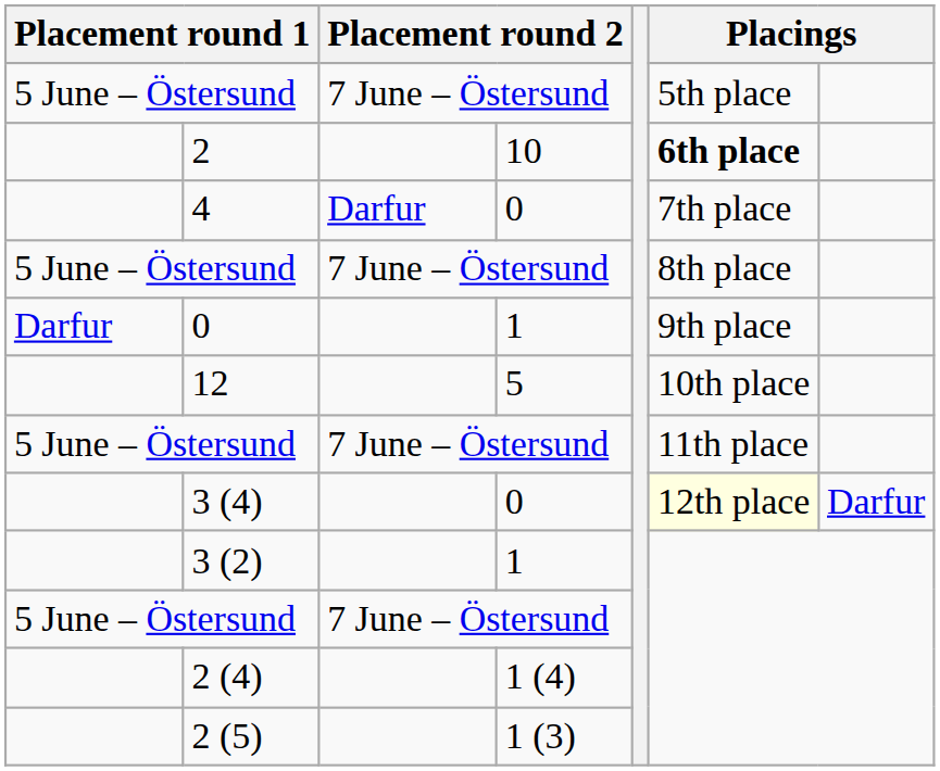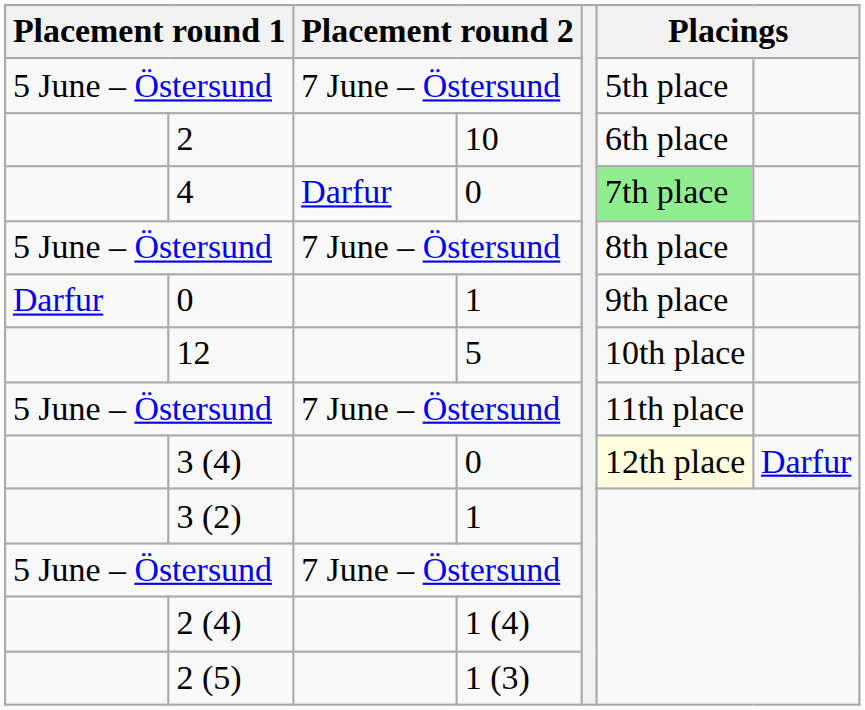 <table class="wikitable">
 <tr>
 <th colspan=2>Placement round 1</th>
 <th colspan=2>Placement round 2</th>
 <th rowspan=13></th>
 <th colspan=2>Placings</th>
 </tr>
 <tr>
 <td colspan=2>5 June – <a href='#'>Östersund</a></td>
 <td colspan=2>7 June – <a href='#'>Östersund</a></td>
 <td>5th place</td>
 <td></td>
 </tr>
 <tr>
 <td></td>
 <td>2</td>
 <td></td>
 <td>10</td>
-<td><strong>6th place</strong></td>
+<td>6th place</td>
 <td></td>
 </tr>
 <tr>
 <td></td>
 <td>4</td>
 <td> <a href='#'>Darfur</a></td>
 <td>0</td>
-<td>7th place</td>
+<td style="background: lightgreen;">7th place</td>
 <td></td>
 </tr>
 <tr>
 <td colspan=2>5 June – <a href='#'>Östersund</a></td>
 <td colspan=2>7 June – <a href='#'>Östersund</a></td>
 <td>8th place</td>
 <td></td>
 </tr>
 <tr>
 <td> <a href='#'>Darfur</a></td>
 <td>0</td>
 <td></td>
 <td>1</td>
 <td>9th place</td>
 <td></td>
 </tr>
 <tr>
 <td></td>
 <td>12</td>
 <td></td>
 <td>5</td>
 <td>10th place</td>
 <td></td>
 </tr>
 <tr>
 <td colspan=2>5 June – <a href='#'>Östersund</a></td>
 <td colspan=2>7 June – <a href='#'>Östersund</a></td>
 <td>11th place</td>
 <td></td>
 </tr>
 <tr>
 <td></td>
 <td>3 (4)</td>
 <td></td>
 <td>0</td>
 <td style="background: lightyellow;">12th place</td>
 <td> <a href='#'>Darfur</a></td>
 </tr>
 <tr>
 <td></td>
 <td>3 (2)</td>
 <td></td>
 <td>1</td>
 </tr>
 <tr>
 <td colspan=2>5 June – <a href='#'>Östersund</a></td>
 <td colspan=2>7 June – <a href='#'>Östersund</a></td>
 </tr>
 <tr>
 <td></td>
 <td>2 (4)</td>
 <td></td>
 <td>1 (4)</td>
 </tr>
 <tr>
 <td></td>
 <td>2 (5)</td>
 <td></td>
 <td>1 (3)</td>
 </tr>
 </table>
